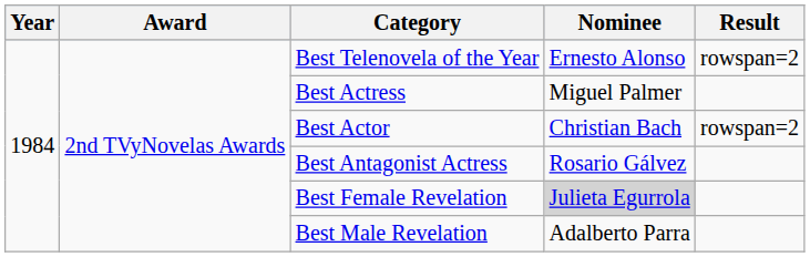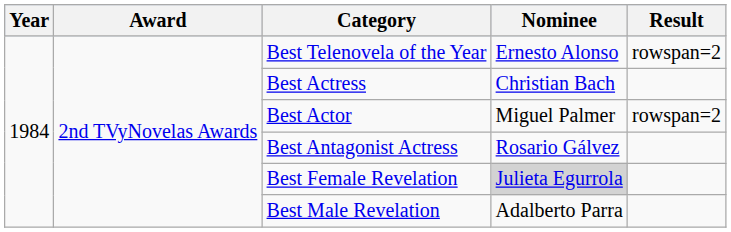 <table class="wikitable">
 <tr style="background:#b0c4de;">
 <th>Year</th>
 <th>Award</th>
 <th>Category</th>
 <th>Nominee</th>
 <th>Result</th>
 </tr>
 <tr>
 <td rowspan=6>1984</td>
 <td rowspan=6><a href='#'>2nd TVyNovelas Awards</a></td>
 <td><a href='#'>Best Telenovela of the Year</a></td>
 <td><a href='#'>Ernesto Alonso</a></td>
 <td>rowspan=2 </td>
 </tr>
 <tr>
 <td><a href='#'>Best Actress</a></td>
-<td>Miguel Palmer</td>
+<td><a href='#'>Christian Bach</a></td>
 </tr>
 <tr>
 <td><a href='#'>Best Actor</a></td>
-<td><a href='#'>Christian Bach</a></td>
+<td>Miguel Palmer</td>
 <td>rowspan=2 </td>
 </tr>
 <tr>
 <td><a href='#'>Best Antagonist Actress</a></td>
 <td><a href='#'>Rosario Gálvez</a></td>
 </tr>
 <tr>
 <td><a href='#'>Best Female Revelation</a></td>
 <td style="background: lightgrey;"><a href='#'>Julieta Egurrola</a></td>
 <td></td>
 </tr>
 <tr>
 <td><a href='#'>Best Male Revelation</a></td>
 <td>Adalberto Parra</td>
 <td></td>
 </tr>
 </table>
